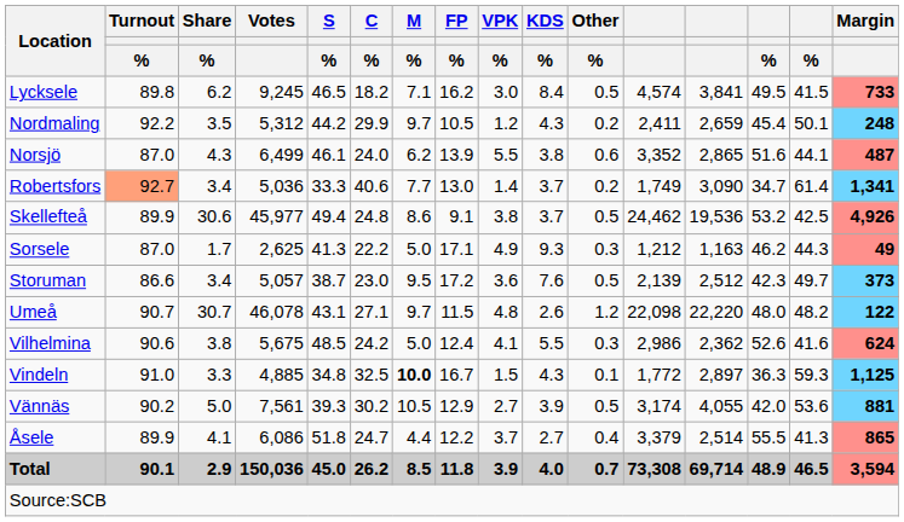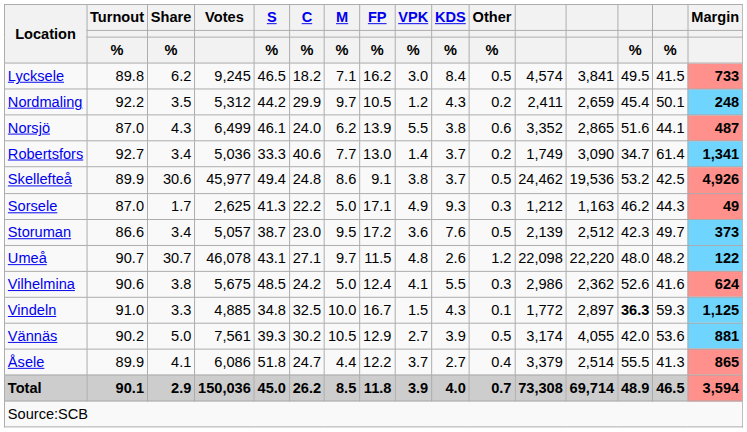 <table class="wikitable sortable" style="text-align:right; font-size:95%; line-height:20px;">
 <tr>
 <th rowspan="3">Location</th>
 <th>Turnout</th>
 <th>Share</th>
 <th>Votes</th>
 <th width="30px" class="unsortable"><a href='#'>S</a></th>
 <th width="30px" class="unsortable"><a href='#'>C</a></th>
 <th width="30px" class="unsortable"><a href='#'>M</a></th>
 <th width="30px" class="unsortable"><a href='#'>FP</a></th>
 <th width="30px" class="unsortable"><a href='#'>VPK</a></th>
 <th width="30px" class="unsortable"><a href='#'>KDS</a></th>
 <th width="30px" class="unsortable">Other</th>
 <th></th>
 <th></th>
 <th></th>
 <th></th>
 <th>Margin</th>
 </tr>
 <tr>
 <th></th>
 <th></th>
 <th></th>
 <th style="background:"></th>
 <th style="background:"></th>
 <th style="background:"></th>
 <th style="background:"></th>
 <th style="background:"></th>
 <th style="background:"></th>
 <th style="background:"></th>
 <th style="background:"></th>
 <th style="background:"></th>
 <th style="background:"></th>
 <th style="background:"></th>
 <th></th>
 </tr>
 <tr>
 <th data-sort-type="number">%</th>
 <th data-sort-type="number">%</th>
 <th></th>
 <th data-sort-type="number">%</th>
 <th data-sort-type="number">%</th>
 <th data-sort-type="number">%</th>
 <th data-sort-type="number">%</th>
 <th data-sort-type="number">%</th>
 <th data-sort-type="number">%</th>
 <th data-sort-type="number">%</th>
 <th data-sort-type="number"></th>
 <th data-sort-type="number"></th>
 <th data-sort-type="number">%</th>
 <th data-sort-type="number">%</th>
 <th data-sort-type="number"></th>
 </tr>
 <tr>
 <td align=left><a href='#'>Lycksele</a></td>
 <td>89.8</td>
 <td>6.2</td>
 <td>9,245</td>
 <td>46.5</td>
 <td>18.2</td>
 <td>7.1</td>
 <td>16.2</td>
 <td>3.0</td>
 <td>8.4</td>
 <td>0.5</td>
 <td>4,574</td>
 <td>3,841</td>
 <td>49.5</td>
 <td>41.5</td>
 <td bgcolor=#ff908c><strong>733</strong></td>
 </tr>
 <tr>
 <td align=left><a href='#'>Nordmaling</a></td>
 <td>92.2</td>
 <td>3.5</td>
 <td>5,312</td>
 <td>44.2</td>
 <td>29.9</td>
 <td>9.7</td>
 <td>10.5</td>
 <td>1.2</td>
 <td>4.3</td>
 <td>0.2</td>
 <td>2,411</td>
 <td>2,659</td>
 <td>45.4</td>
 <td>50.1</td>
 <td bgcolor=#6fd5fe><strong>248</strong></td>
 </tr>
 <tr>
 <td align=left><a href='#'>Norsjö</a></td>
 <td>87.0</td>
 <td>4.3</td>
 <td>6,499</td>
 <td>46.1</td>
 <td>24.0</td>
 <td>6.2</td>
 <td>13.9</td>
 <td>5.5</td>
 <td>3.8</td>
 <td>0.6</td>
 <td>3,352</td>
 <td>2,865</td>
 <td>51.6</td>
 <td>44.1</td>
 <td bgcolor=#ff908c><strong>487</strong></td>
 </tr>
 <tr>
 <td align=left><a href='#'>Robertsfors</a></td>
-<td style="background: lightsalmon;">92.7</td>
+<td>92.7</td>
 <td>3.4</td>
 <td>5,036</td>
 <td>33.3</td>
 <td>40.6</td>
 <td>7.7</td>
 <td>13.0</td>
 <td>1.4</td>
 <td>3.7</td>
 <td>0.2</td>
 <td>1,749</td>
 <td>3,090</td>
 <td>34.7</td>
 <td>61.4</td>
 <td bgcolor=#6fd5fe><strong>1,341</strong></td>
 </tr>
 <tr>
 <td align=left><a href='#'>Skellefteå</a></td>
 <td>89.9</td>
 <td>30.6</td>
 <td>45,977</td>
 <td>49.4</td>
 <td>24.8</td>
 <td>8.6</td>
 <td>9.1</td>
 <td>3.8</td>
 <td>3.7</td>
 <td>0.5</td>
 <td>24,462</td>
 <td>19,536</td>
 <td>53.2</td>
 <td>42.5</td>
 <td bgcolor=#ff908c><strong>4,926</strong></td>
 </tr>
 <tr>
 <td align=left><a href='#'>Sorsele</a></td>
 <td>87.0</td>
 <td>1.7</td>
 <td>2,625</td>
 <td>41.3</td>
 <td>22.2</td>
 <td>5.0</td>
 <td>17.1</td>
 <td>4.9</td>
 <td>9.3</td>
 <td>0.3</td>
 <td>1,212</td>
 <td>1,163</td>
 <td>46.2</td>
 <td>44.3</td>
 <td bgcolor=#ff908c><strong>49</strong></td>
 </tr>
 <tr>
 <td align=left><a href='#'>Storuman</a></td>
 <td>86.6</td>
 <td>3.4</td>
 <td>5,057</td>
 <td>38.7</td>
 <td>23.0</td>
 <td>9.5</td>
 <td>17.2</td>
 <td>3.6</td>
 <td>7.6</td>
 <td>0.5</td>
 <td>2,139</td>
 <td>2,512</td>
 <td>42.3</td>
 <td>49.7</td>
 <td bgcolor=#6fd5fe><strong>373</strong></td>
 </tr>
 <tr>
 <td align=left><a href='#'>Umeå</a></td>
 <td>90.7</td>
 <td>30.7</td>
 <td>46,078</td>
 <td>43.1</td>
 <td>27.1</td>
 <td>9.7</td>
 <td>11.5</td>
 <td>4.8</td>
 <td>2.6</td>
 <td>1.2</td>
 <td>22,098</td>
 <td>22,220</td>
 <td>48.0</td>
 <td>48.2</td>
 <td bgcolor=#6fd5fe><strong>122</strong></td>
 </tr>
 <tr>
 <td align=left><a href='#'>Vilhelmina</a></td>
 <td>90.6</td>
 <td>3.8</td>
 <td>5,675</td>
 <td>48.5</td>
 <td>24.2</td>
 <td>5.0</td>
 <td>12.4</td>
 <td>4.1</td>
 <td>5.5</td>
 <td>0.3</td>
 <td>2,986</td>
 <td>2,362</td>
 <td>52.6</td>
 <td>41.6</td>
 <td bgcolor=#ff908c><strong>624</strong></td>
 </tr>
 <tr>
 <td align=left><a href='#'>Vindeln</a></td>
 <td>91.0</td>
 <td>3.3</td>
 <td>4,885</td>
 <td>34.8</td>
 <td>32.5</td>
-<td><strong>10.0</strong></td>
+<td>10.0</td>
 <td>16.7</td>
 <td>1.5</td>
 <td>4.3</td>
 <td>0.1</td>
 <td>1,772</td>
 <td>2,897</td>
-<td>36.3</td>
+<td><strong>36.3</strong></td>
 <td>59.3</td>
 <td bgcolor=#6fd5fe><strong>1,125</strong></td>
 </tr>
 <tr>
 <td align=left><a href='#'>Vännäs</a></td>
 <td>90.2</td>
 <td>5.0</td>
 <td>7,561</td>
 <td>39.3</td>
 <td>30.2</td>
 <td>10.5</td>
 <td>12.9</td>
 <td>2.7</td>
 <td>3.9</td>
 <td>0.5</td>
 <td>3,174</td>
 <td>4,055</td>
 <td>42.0</td>
 <td>53.6</td>
 <td bgcolor=#6fd5fe><strong>881</strong></td>
 </tr>
 <tr>
 <td align=left><a href='#'>Åsele</a></td>
 <td>89.9</td>
 <td>4.1</td>
 <td>6,086</td>
 <td>51.8</td>
 <td>24.7</td>
 <td>4.4</td>
 <td>12.2</td>
 <td>3.7</td>
 <td>2.7</td>
 <td>0.4</td>
 <td>3,379</td>
 <td>2,514</td>
 <td>55.5</td>
 <td>41.3</td>
 <td bgcolor=#ff908c><strong>865</strong></td>
 </tr>
 <tr style="background:#CDCDCD;">
 <td align=left><strong>Total</strong></td>
 <td><strong>90.1</strong></td>
 <td><strong>2.9</strong></td>
 <td><strong>150,036</strong></td>
 <td><strong>45.0</strong></td>
 <td><strong>26.2</strong></td>
 <td><strong>8.5</strong></td>
 <td><strong>11.8</strong></td>
 <td><strong>3.9</strong></td>
 <td><strong>4.0</strong></td>
 <td><strong>0.7</strong></td>
 <td><strong>73,308</strong></td>
 <td><strong>69,714</strong></td>
 <td><strong>48.9</strong></td>
 <td><strong>46.5</strong></td>
 <td bgcolor=#ff908c><strong>3,594</strong></td>
 </tr>
 <tr>
 <td align=left colspan=16>Source:SCB </td>
 </tr>
 </table>
